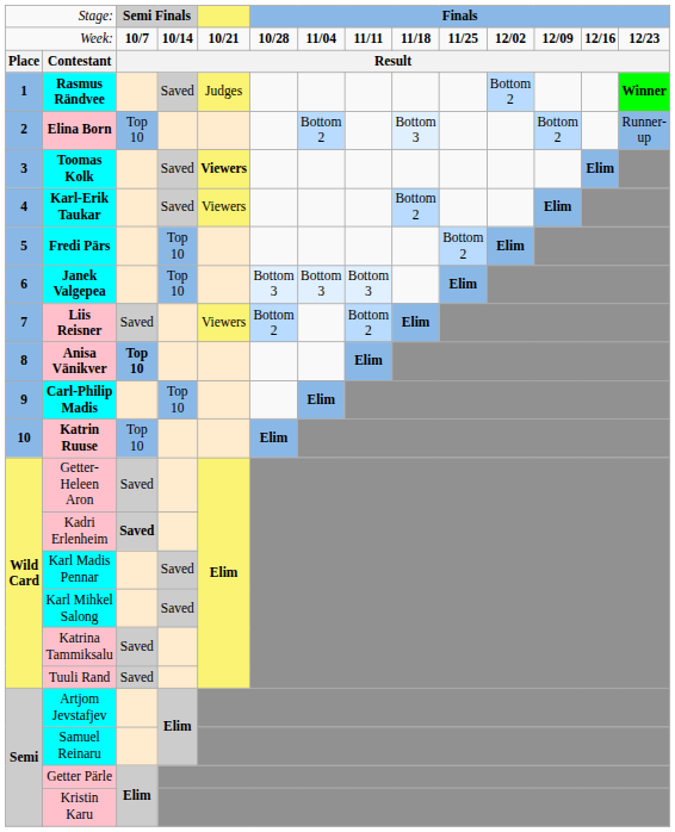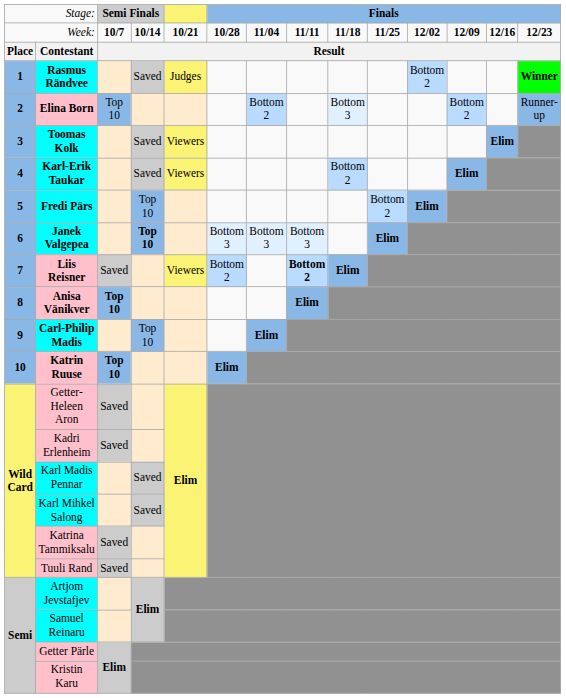 <table class="wikitable" style="margin:1em auto; text-align:center; font-size:85%">
 <tr>
 <td colspan="2" align="right"><em>Stage:</em></td>
 <td colspan="2" bgcolor="CCCCCC"><strong>Semi Finals</strong></td>
 <td bgcolor="#FBF373" align="center"></td>
 <td colspan="9" bgcolor="8AB8E6"><strong>Finals</strong></td>
 </tr>
 <tr>
 <td colspan="2" align="right"><em>Week:</em></td>
 <td align="center" width=7%><strong>10/7</strong></td>
 <td align="center" width=7%><strong>10/14</strong></td>
 <td align="center" width=7%><strong>10/21</strong></td>
 <td align="center" width=7%><strong>10/28</strong></td>
 <td align="center" width=7%><strong>11/04</strong></td>
 <td align="center" width=7%><strong>11/11</strong></td>
 <td align="center" width=7%><strong>11/18</strong></td>
 <td align="center" width=7%><strong>11/25</strong></td>
 <td align="center" width=7%><strong>12/02</strong></td>
 <td align="center" width=7%><strong>12/09</strong></td>
 <td align="center" width=7%><strong>12/16</strong></td>
 <td align="center" width=7%><strong>12/23</strong></td>
 </tr>
 <tr>
 <th>Place</th>
 <th>Contestant</th>
 <th colspan="12">Result</th>
 </tr>
 <tr>
 <td bgcolor="8AB8E6"><strong>1</strong></td>
 <td bgcolor="cyan"><strong>Rasmus Rändvee</strong></td>
 <td style="background:#ffebcd;"></td>
 <td bgcolor="#CCCCCC">Saved</td>
 <td bgcolor="FBF373">Judges</td>
 <td></td>
 <td></td>
 <td></td>
 <td></td>
 <td></td>
 <td bgcolor="B8DBFF">Bottom 2</td>
 <td></td>
 <td></td>
 <td bgcolor="lime"><strong>Winner</strong></td>
 </tr>
 <tr>
 <td bgcolor="8AB8E6"><strong>2</strong></td>
 <td bgcolor="pink"><strong>Elina Born</strong></td>
 <td bgcolor="8AB8E6">Top 10</td>
 <td style="background:#ffebcd;"></td>
 <td style="background:#ffebcd;"></td>
 <td></td>
 <td bgcolor="B8DBFF">Bottom 2</td>
 <td></td>
 <td bgcolor="E0F0FF">Bottom 3</td>
 <td></td>
 <td></td>
 <td bgcolor="B8DBFF">Bottom 2</td>
 <td></td>
 <td bgcolor="8AB8E6">Runner-up</td>
 </tr>
 <tr>
 <td bgcolor="8AB8E6"><strong>3</strong></td>
 <td bgcolor="cyan"><strong>Toomas Kolk</strong></td>
 <td style="background:#ffebcd;"></td>
 <td bgcolor="#CCCCCC">Saved</td>
-<td bgcolor="FBF373"><strong>Viewers</strong></td>
+<td bgcolor="FBF373">Viewers</td>
 <td></td>
 <td></td>
 <td></td>
 <td></td>
 <td></td>
 <td></td>
 <td></td>
 <td bgcolor="8AB8E6"><strong>Elim</strong></td>
 <td bgcolor="919191" colspan=2></td>
 </tr>
 <tr>
 <td bgcolor="8AB8E6"><strong>4</strong></td>
 <td bgcolor="cyan"><strong>Karl-Erik Taukar</strong></td>
 <td style="background:#ffebcd;"></td>
 <td bgcolor="#CCCCCC">Saved</td>
 <td bgcolor="FBF373">Viewers</td>
 <td></td>
 <td></td>
 <td></td>
 <td bgcolor="B8DBFF">Bottom 2</td>
 <td></td>
 <td></td>
 <td bgcolor="8AB8E6"><strong>Elim</strong></td>
 <td bgcolor="919191" colspan=3></td>
 </tr>
 <tr>
 <td bgcolor="8AB8E6"><strong>5</strong></td>
 <td bgcolor="cyan"><strong>Fredi Pärs</strong></td>
 <td style="background:#ffebcd;"></td>
 <td bgcolor="8AB8E6">Top 10</td>
 <td style="background:#ffebcd;"></td>
 <td></td>
 <td></td>
 <td></td>
 <td></td>
 <td bgcolor="B8DBFF">Bottom 2</td>
 <td bgcolor="8AB8E6"><strong>Elim</strong></td>
 <td bgcolor="919191" colspan=3></td>
 </tr>
 <tr>
 <td bgcolor="8AB8E6"><strong>6</strong></td>
 <td bgcolor="cyan"><strong>Janek Valgepea</strong></td>
 <td style="background:#ffebcd;"></td>
-<td bgcolor="8AB8E6">Top 10</td>
+<td bgcolor="8AB8E6"><strong>Top 10</strong></td>
 <td style="background:#ffebcd;"></td>
 <td bgcolor="E0F0FF">Bottom 3</td>
 <td bgcolor="E0F0FF">Bottom 3</td>
 <td bgcolor="E0F0FF">Bottom 3</td>
 <td></td>
 <td bgcolor="8AB8E6"><strong>Elim</strong></td>
 <td bgcolor="919191" colspan=4></td>
 </tr>
 <tr>
 <td bgcolor="8AB8E6"><strong>7</strong></td>
 <td bgcolor="pink"><strong>Liis Reisner</strong></td>
 <td bgcolor="#CCCCCC">Saved</td>
 <td style="background:#ffebcd;"></td>
 <td bgcolor="FBF373">Viewers</td>
 <td bgcolor="B8DBFF">Bottom 2</td>
 <td></td>
-<td bgcolor="B8DBFF">Bottom 2</td>
+<td bgcolor="B8DBFF"><strong>Bottom 2</strong></td>
 <td bgcolor="8AB8E6"><strong>Elim</strong></td>
 <td bgcolor="919191" colspan=5></td>
 </tr>
 <tr>
 <td bgcolor="8AB8E6"><strong>8</strong></td>
 <td bgcolor="pink"><strong>Anisa Vänikver</strong></td>
 <td bgcolor="8AB8E6"><strong>Top 10</strong></td>
 <td style="background:#ffebcd;"></td>
 <td style="background:#ffebcd;"></td>
 <td></td>
 <td></td>
 <td bgcolor="8AB8E6"><strong>Elim</strong></td>
 <td bgcolor="919191" colspan=6></td>
 </tr>
 <tr>
 <td bgcolor="8AB8E6"><strong>9</strong></td>
 <td bgcolor="cyan"><strong>Carl-Philip Madis</strong></td>
 <td style="background:#ffebcd;"></td>
 <td bgcolor="8AB8E6">Top 10</td>
 <td style="background:#ffebcd;"></td>
 <td></td>
 <td bgcolor="8AB8E6"><strong>Elim</strong></td>
 <td bgcolor="919191" colspan=7></td>
 </tr>
 <tr>
 <td bgcolor="8AB8E6"><strong>10</strong></td>
 <td bgcolor="pink"><strong>Katrin Ruuse</strong></td>
-<td bgcolor="8AB8E6">Top 10</td>
+<td bgcolor="8AB8E6"><strong>Top 10</strong></td>
 <td style="background:#ffebcd;"></td>
 <td style="background:#ffebcd;"></td>
 <td bgcolor="8AB8E6"><strong>Elim</strong></td>
 <td bgcolor="919191" colspan=8></td>
 </tr>
 <tr>
 <td style="background:#fbf373; text-align:center;" rowspan="6"><strong>Wild<br>Card</strong></td>
 <td bgcolor="pink">Getter-Heleen Aron</td>
 <td bgcolor="#CCCCCC">Saved</td>
 <td style="background:#ffebcd;"></td>
 <td style="background:#fbf373; text-align:center;" rowspan="6"><strong>Elim</strong></td>
 <td bgcolor="919191" colspan=9 rowspan="6"></td>
 </tr>
 <tr>
 <td bgcolor="pink">Kadri Erlenheim</td>
-<td bgcolor="#CCCCCC"><strong>Saved</strong></td>
+<td bgcolor="#CCCCCC">Saved</td>
 <td style="background:#ffebcd;"></td>
 </tr>
 <tr>
 <td bgcolor="cyan">Karl Madis Pennar</td>
 <td style="background:#ffebcd;"></td>
 <td bgcolor="#CCCCCC">Saved</td>
 </tr>
 <tr>
 <td bgcolor="cyan">Karl Mihkel Salong</td>
 <td style="background:#ffebcd;"></td>
 <td bgcolor="#CCCCCC">Saved</td>
 </tr>
 <tr>
 <td bgcolor="pink">Katrina Tammiksalu</td>
 <td bgcolor="#CCCCCC">Saved</td>
 <td style="background:#ffebcd;"></td>
 </tr>
 <tr>
 <td bgcolor="pink">Tuuli Rand</td>
 <td bgcolor="#CCCCCC">Saved</td>
 <td style="background:#ffebcd;"></td>
 </tr>
 <tr>
 <td bgcolor="CCCCCC" rowspan="4"><strong>Semi</strong></td>
 <td bgcolor="cyan">Artjom Jevstafjev</td>
 <td style="background:#ffebcd;"></td>
 <td bgcolor="#CCCCCC" rowspan="2"><strong>Elim</strong></td>
 <td bgcolor="919191" colspan=10></td>
 </tr>
 <tr>
 <td bgcolor="cyan">Samuel Reinaru</td>
 <td style="background:#ffebcd;"></td>
 <td bgcolor="919191" colspan=10></td>
 </tr>
 <tr>
 <td bgcolor="pink">Getter Pärle</td>
 <td bgcolor="#CCCCCC" rowspan="2"><strong>Elim</strong></td>
 <td bgcolor="919191" colspan=11></td>
 </tr>
 <tr>
 <td bgcolor="pink">Kristin Karu</td>
 <td bgcolor="919191" colspan=11></td>
 </tr>
 </table>
